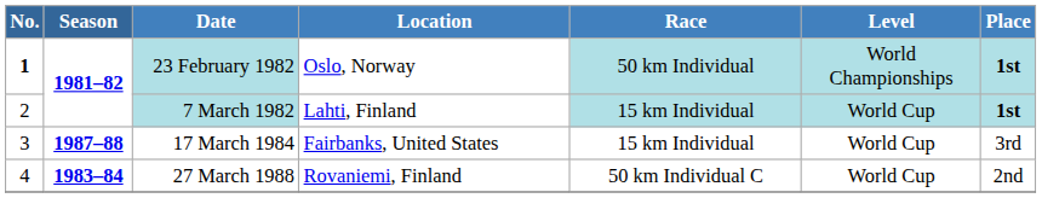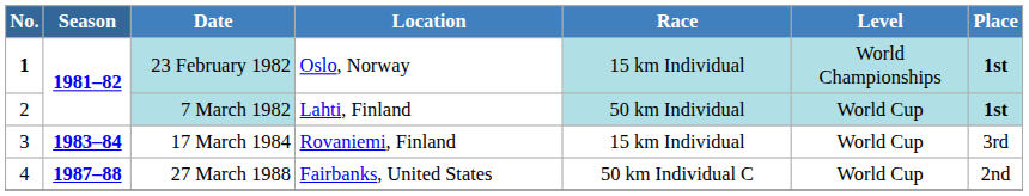 <table class="wikitable sortable" style="font-size:95%; text-align:center; border:grey solid 1px; border-collapse:collapse; background:#ffffff;">
 <tr style="background:#efefef;">
 <th style="background-color:#369; color:white;">No.</th>
 <th style="background-color:#369; color:white;">Season</th>
 <th style="background-color:#4180be; color:white; width:120px;">Date</th>
 <th style="background-color:#4180be; color:white; width:200px;">Location</th>
 <th style="background-color:#4180be; color:white; width:170px;">Race</th>
 <th style="background-color:#4180be; color:white; width:130px;">Level</th>
 <th style="background-color:#4180be; color:white;">Place</th>
 </tr>
 <tr>
 <td align=center><strong>1</strong></td>
 <td rowspan=2 align=center><strong><a href='#'>1981–82</a></strong></td>
 <td bgcolor="#BOEOE6" align=right>23 February 1982</td>
 <td align=left> <a href='#'>Oslo</a>, Norway</td>
-<td bgcolor="#BOEOE6">50 km Individual</td>
+<td bgcolor="#BOEOE6">15 km Individual</td>
 <td bgcolor="#BOEOE6">World Championships</td>
 <td bgcolor="#BOEOE6"><strong>1st</strong></td>
 </tr>
 <tr>
 <td align=center>2</td>
 <td bgcolor="#BOEOE6" align=right>7 March 1982</td>
 <td align=left> <a href='#'>Lahti</a>, Finland</td>
-<td bgcolor="#BOEOE6">15 km Individual</td>
+<td bgcolor="#BOEOE6">50 km Individual</td>
 <td bgcolor="#BOEOE6">World Cup</td>
 <td bgcolor="#BOEOE6"><strong>1st</strong></td>
 </tr>
 <tr>
 <td align=center>3</td>
-<td rowspan=1 align=center><strong> <a href='#'>1987–88</a> </strong></td>
+<td rowspan=1 align=center><strong> <a href='#'>1983–84</a> </strong></td>
 <td align=right>17 March 1984</td>
-<td align=left> <a href='#'>Fairbanks</a>, United States</td>
+<td align=left> <a href='#'>Rovaniemi</a>, Finland</td>
 <td>15 km Individual</td>
 <td>World Cup</td>
 <td>3rd</td>
 </tr>
 <tr>
 <td align=center>4</td>
-<td rowspan=1 align=center><strong> <a href='#'>1983–84</a> </strong></td>
+<td rowspan=1 align=center><strong> <a href='#'>1987–88</a> </strong></td>
 <td align=right>27 March 1988</td>
-<td align=left> <a href='#'>Rovaniemi</a>, Finland</td>
+<td align=left> <a href='#'>Fairbanks</a>, United States</td>
 <td>50 km Individual C</td>
 <td>World Cup</td>
 <td>2nd</td>
 </tr>
 <tr>
 </tr>
 </table>
